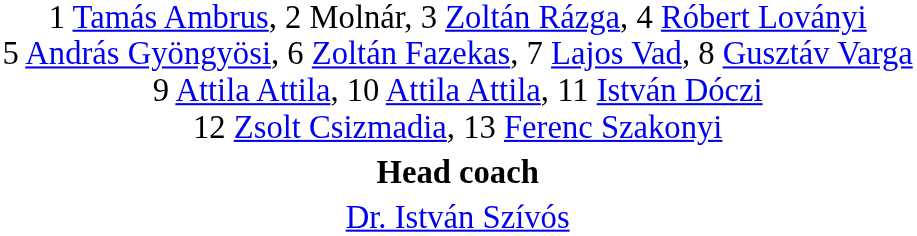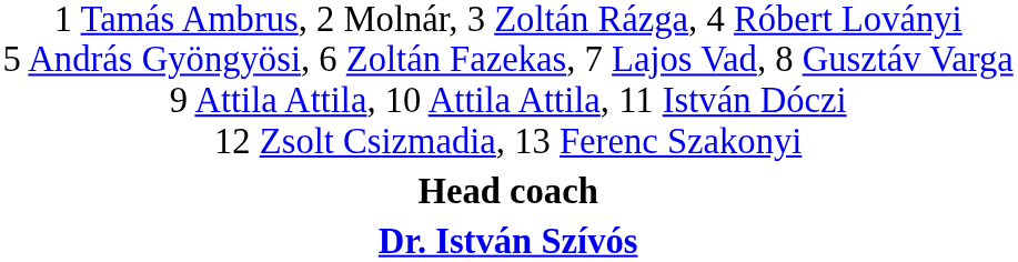 <table style="text-align: center; margin-top: 2em; margin-left: auto; margin-right: auto">
 <tr>
 <td>1 <a href='#'>Tamás Ambrus</a>, 2 Molnár, 3 <a href='#'>Zoltán Rázga</a>, 4 <a href='#'>Róbert Loványi</a><br>5 <a href='#'>András Gyöngyösi</a>, 6 <a href='#'>Zoltán Fazekas</a>, 7 <a href='#'>Lajos Vad</a>, 8 <a href='#'>Gusztáv Varga</a><br>9 <a href='#'>Attila Attila</a>, 10 <a href='#'>Attila Attila</a>, 11 <a href='#'>István Dóczi</a><br>12 <a href='#'>Zsolt Csizmadia</a>, 13 <a href='#'>Ferenc Szakonyi</a></td>
 </tr>
 <tr>
 <td><strong>Head coach</strong></td>
 </tr>
 <tr>
-<td><a href='#'>Dr. István Szívós</a></td>
+<td><strong><a href='#'>Dr. István Szívós</a></strong></td>
 </tr>
 </table>
